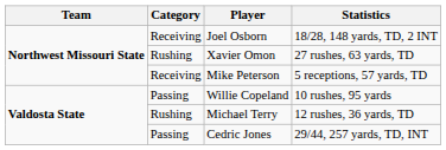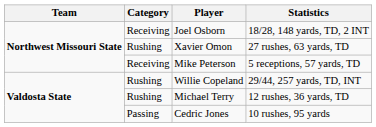 <table class="wikitable" style="float: right;">
 <tr>
 <th>Team</th>
 <th>Category</th>
 <th>Player</th>
 <th>Statistics</th>
 </tr>
 <tr>
 <td rowspan=3><strong>Northwest Missouri State</strong></td>
 <td>Receiving</td>
 <td>Joel Osborn</td>
 <td>18/28, 148 yards, TD, 2 INT</td>
 </tr>
 <tr>
 <td>Rushing</td>
 <td>Xavier Omon</td>
 <td>27 rushes, 63 yards, TD</td>
 </tr>
 <tr>
 <td>Receiving</td>
 <td>Mike Peterson</td>
 <td>5 receptions, 57 yards, TD</td>
 </tr>
 <tr>
 <td rowspan=3><strong>Valdosta State</strong></td>
-<td>Passing</td>
+<td>Rushing</td>
 <td>Willie Copeland</td>
-<td>10 rushes, 95 yards</td>
+<td>29/44, 257 yards, TD, INT</td>
 </tr>
 <tr>
 <td>Rushing</td>
 <td>Michael Terry</td>
 <td>12 rushes, 36 yards, TD</td>
 </tr>
 <tr>
 <td>Passing</td>
 <td>Cedric Jones</td>
-<td>29/44, 257 yards, TD, INT</td>
+<td>10 rushes, 95 yards</td>
 </tr>
 </table>
